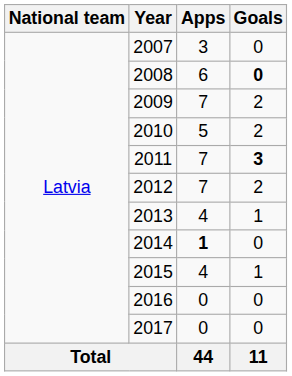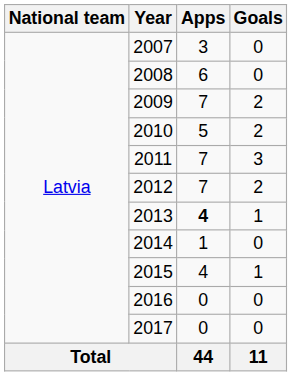 <table class="wikitable" style="text-align:center">
 <tr>
 <th>National team</th>
 <th>Year</th>
 <th>Apps</th>
 <th>Goals</th>
 </tr>
 <tr>
 <td rowspan="11"><a href='#'>Latvia</a></td>
 <td>2007</td>
 <td>3</td>
 <td>0</td>
 </tr>
 <tr>
 <td>2008</td>
 <td>6</td>
-<td><strong>0</strong></td>
+<td>0</td>
 </tr>
 <tr>
 <td>2009</td>
 <td>7</td>
 <td>2</td>
 </tr>
 <tr>
 <td>2010</td>
 <td>5</td>
 <td>2</td>
 </tr>
 <tr>
 <td>2011</td>
 <td>7</td>
-<td><strong>3</strong></td>
+<td>3</td>
 </tr>
 <tr>
 <td>2012</td>
 <td>7</td>
 <td>2</td>
 </tr>
 <tr>
 <td>2013</td>
-<td>4</td>
+<td><strong>4</strong></td>
 <td>1</td>
 </tr>
 <tr>
 <td>2014</td>
-<td><strong>1</strong></td>
+<td>1</td>
 <td>0</td>
 </tr>
 <tr>
 <td>2015</td>
 <td>4</td>
 <td>1</td>
 </tr>
 <tr>
 <td>2016</td>
 <td>0</td>
 <td>0</td>
 </tr>
 <tr>
 <td>2017</td>
 <td>0</td>
 <td>0</td>
 </tr>
 <tr>
 <th colspan="2">Total</th>
 <th>44</th>
 <th>11</th>
 </tr>
 </table>
